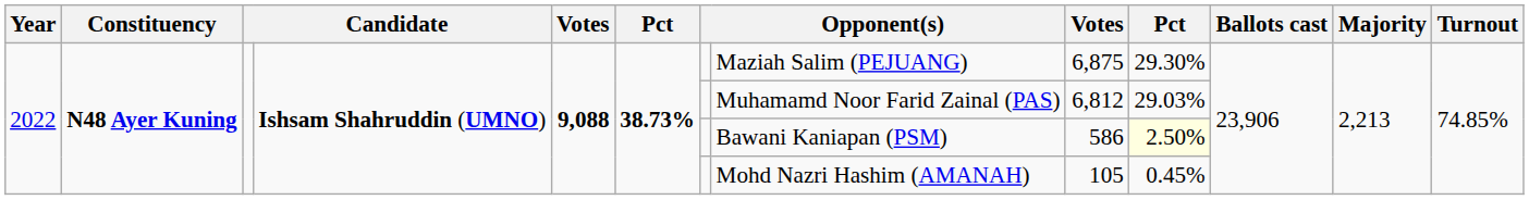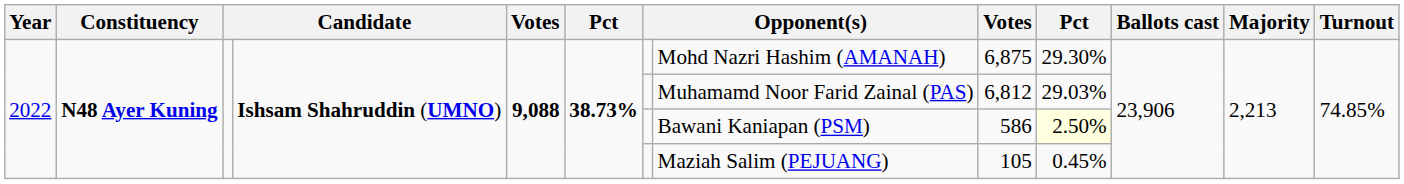 <table class="wikitable" style="margin:0.5em ; font-size:95%">
 <tr>
 <th>Year</th>
 <th>Constituency</th>
 <th colspan=2>Candidate</th>
 <th>Votes</th>
 <th>Pct</th>
 <th colspan=2>Opponent(s)</th>
 <th>Votes</th>
 <th>Pct</th>
 <th>Ballots cast</th>
 <th>Majority</th>
 <th>Turnout</th>
 </tr>
 <tr>
 <td rowspan=4><a href='#'>2022</a></td>
 <td rowspan=4><strong>N48 <a href='#'>Ayer Kuning</a></strong></td>
 <td rowspan=4 ></td>
 <td rowspan=4><strong>Ishsam Shahruddin</strong> (<a href='#'><strong>UMNO</strong></a>)</td>
 <td rowspan=4 align=right><strong>9,088</strong></td>
 <td rowspan=4><strong>38.73%</strong></td>
 <td></td>
-<td>Maziah Salim (<a href='#'>PEJUANG</a>)</td>
+<td>Mohd Nazri Hashim (<a href='#'>AMANAH</a>)</td>
 <td align=right>6,875</td>
 <td>29.30%</td>
 <td rowspan=4>23,906</td>
 <td rowspan=4>2,213</td>
 <td rowspan=4>74.85%</td>
 </tr>
 <tr>
 <td bgcolor=></td>
 <td>Muhamamd Noor Farid Zainal (<a href='#'>PAS</a>)</td>
 <td align=right>6,812</td>
 <td>29.03%</td>
 </tr>
 <tr>
 <td bgcolor=></td>
 <td>Bawani Kaniapan (<a href='#'>PSM</a>)</td>
 <td align=right>586</td>
 <td align=right style="background: lightyellow;">2.50%</td>
 </tr>
 <tr>
 <td bgcolor=></td>
-<td>Mohd Nazri Hashim (<a href='#'>AMANAH</a>)</td>
+<td>Maziah Salim (<a href='#'>PEJUANG</a>)</td>
 <td align=right>105</td>
 <td align=right>0.45%</td>
 </tr>
 </table>
